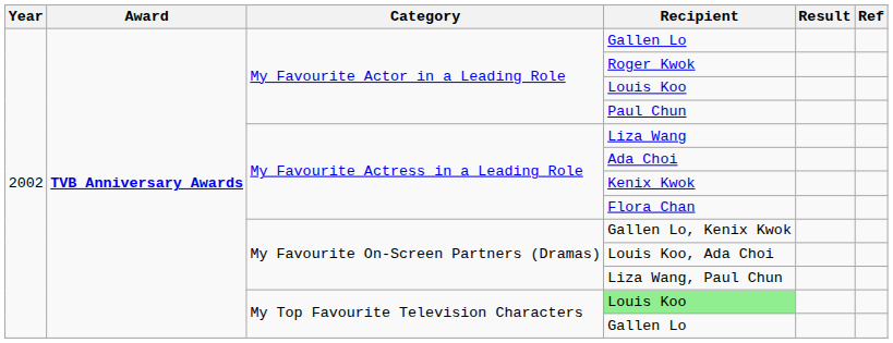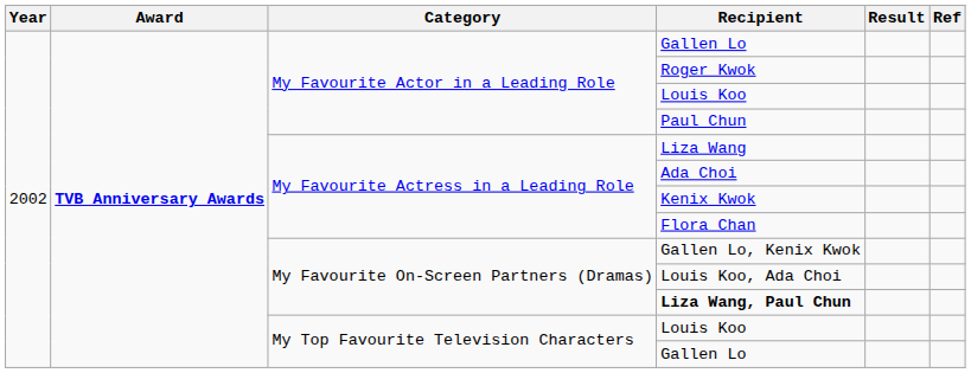 <table class="wikitable">
 <tr>
 <th>Year</th>
 <th>Award</th>
 <th>Category</th>
 <th>Recipient</th>
 <th>Result</th>
 <th>Ref</th>
 </tr>
 <tr>
 <td rowspan="13">2002</td>
 <td rowspan="13"><strong><a href='#'>TVB Anniversary Awards</a></strong></td>
 <td rowspan="4"><a href='#'>My Favourite Actor in a Leading Role</a></td>
 <td><a href='#'>Gallen Lo</a></td>
 <td></td>
 <td></td>
 </tr>
 <tr>
 <td><a href='#'>Roger Kwok</a></td>
 <td></td>
 <td></td>
 </tr>
 <tr>
 <td><a href='#'>Louis Koo</a></td>
 <td></td>
 <td></td>
 </tr>
 <tr>
 <td><a href='#'>Paul Chun</a></td>
 <td></td>
 <td></td>
 </tr>
 <tr>
 <td rowspan="4"><a href='#'>My Favourite Actress in a Leading Role</a></td>
 <td><a href='#'>Liza Wang</a></td>
 <td></td>
 <td></td>
 </tr>
 <tr>
 <td><a href='#'>Ada Choi</a></td>
 <td></td>
 <td></td>
 </tr>
 <tr>
 <td><a href='#'>Kenix Kwok</a></td>
 <td></td>
 <td></td>
 </tr>
 <tr>
 <td><a href='#'>Flora Chan</a></td>
 <td></td>
 <td></td>
 </tr>
 <tr>
 <td rowspan="3">My Favourite On-Screen Partners (Dramas)</td>
 <td>Gallen Lo, Kenix Kwok</td>
 <td></td>
 <td></td>
 </tr>
 <tr>
 <td>Louis Koo, Ada Choi</td>
 <td></td>
 <td></td>
 </tr>
 <tr>
-<td>Liza Wang, Paul Chun</td>
+<td><strong>Liza Wang, Paul Chun</strong></td>
 <td></td>
 <td></td>
 </tr>
 <tr>
 <td rowspan="2">My Top Favourite Television Characters</td>
-<td style="background: lightgreen;">Louis Koo</td>
+<td>Louis Koo</td>
 <td></td>
 <td></td>
 </tr>
 <tr>
 <td>Gallen Lo</td>
 <td></td>
 <td></td>
 </tr>
 </table>
